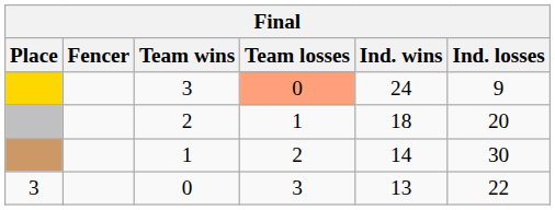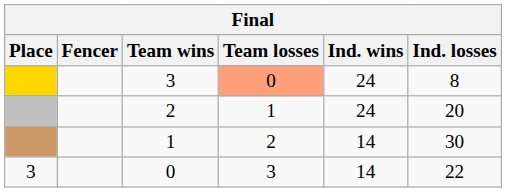 <table class=wikitable style="text-align:center">
 <tr>
 <th colspan=6>Final</th>
 </tr>
 <tr>
 <th>Place</th>
 <th>Fencer</th>
 <th>Team wins</th>
 <th>Team losses</th>
 <th>Ind. wins</th>
 <th>Ind. losses</th>
 </tr>
 <tr>
 <td bgcolor=gold></td>
 <td align=left></td>
 <td>3</td>
 <td style="background: lightsalmon;">0</td>
 <td>24</td>
-<td>9</td>
+<td>8</td>
 </tr>
 <tr>
 <td bgcolor=silver></td>
 <td align=left></td>
 <td>2</td>
 <td>1</td>
-<td>18</td>
+<td>24</td>
 <td>20</td>
 </tr>
 <tr>
 <td bgcolor=cc9966></td>
 <td align=left></td>
 <td>1</td>
 <td>2</td>
 <td>14</td>
 <td>30</td>
 </tr>
 <tr>
 <td>3</td>
 <td align=left></td>
 <td>0</td>
 <td>3</td>
-<td>13</td>
+<td>14</td>
 <td>22</td>
 </tr>
 </table>
